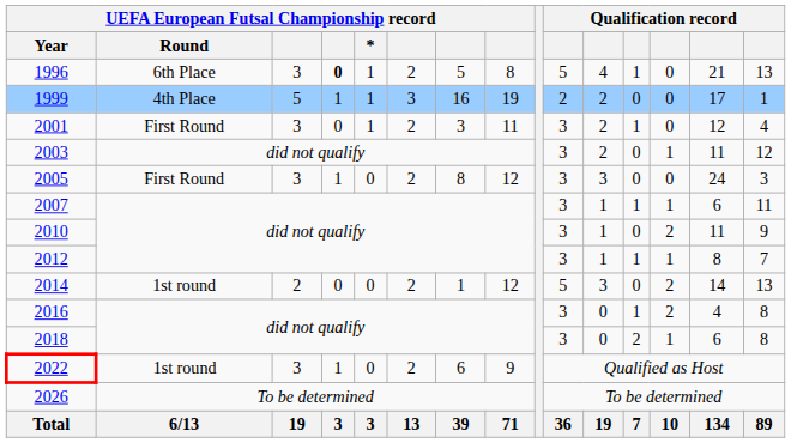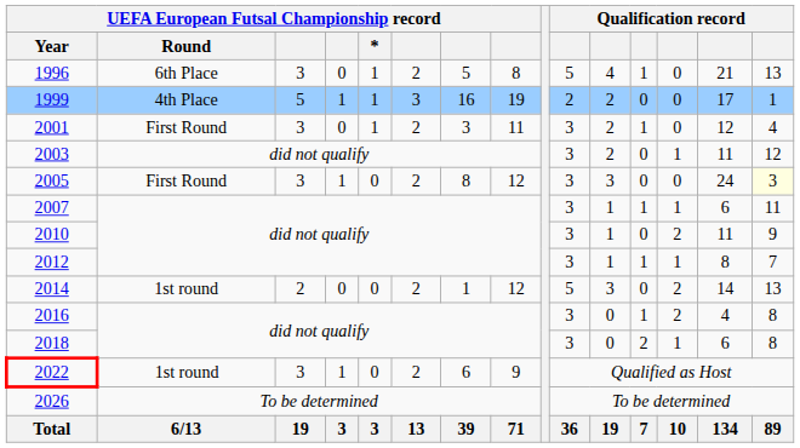 <table class="wikitable" style="text-align:center">
 <tr>
 <th colspan=8><a href='#'>UEFA European Futsal Championship</a> record</th>
 <th style="width:1%" rowspan="39"></th>
 <th colspan=6>Qualification record</th>
 </tr>
 <tr>
 <th>Year</th>
 <th>Round</th>
 <th></th>
 <th></th>
 <th>*</th>
 <th></th>
 <th></th>
 <th></th>
 <th></th>
 <th></th>
 <th></th>
 <th></th>
 <th></th>
 <th></th>
 </tr>
 <tr>
 <td> <a href='#'>1996</a></td>
 <td>6th Place</td>
 <td>3</td>
-<td><strong>0</strong></td>
+<td>0</td>
 <td>1</td>
 <td>2</td>
 <td>5</td>
 <td>8 </td>
 <td>5</td>
 <td>4</td>
 <td>1</td>
 <td>0</td>
 <td>21</td>
 <td>13</td>
 </tr>
 <tr style="background:#9acdff;">
 <td> <a href='#'>1999</a></td>
 <td>4th Place</td>
 <td>5</td>
 <td>1</td>
 <td>1</td>
 <td>3</td>
 <td>16</td>
 <td>19 </td>
 <td>2</td>
 <td>2</td>
 <td>0</td>
 <td>0</td>
 <td>17</td>
 <td>1</td>
 </tr>
 <tr>
 <td> <a href='#'>2001</a></td>
 <td>First Round</td>
 <td>3</td>
 <td>0</td>
 <td>1</td>
 <td>2</td>
 <td>3</td>
 <td>11 </td>
 <td>3</td>
 <td>2</td>
 <td>1</td>
 <td>0</td>
 <td>12</td>
 <td>4</td>
 </tr>
 <tr>
 <td> <a href='#'>2003</a></td>
 <td colspan=7><em>did not qualify</em></td>
 <td>3</td>
 <td>2</td>
 <td>0</td>
 <td>1</td>
 <td>11</td>
 <td>12</td>
 </tr>
 <tr>
 <td> <a href='#'>2005</a></td>
 <td>First Round</td>
 <td>3</td>
 <td>1</td>
 <td>0</td>
 <td>2</td>
 <td>8</td>
 <td>12 </td>
 <td>3</td>
 <td>3</td>
 <td>0</td>
 <td>0</td>
 <td>24</td>
-<td>3</td>
+<td style="background: lightyellow;">3</td>
 </tr>
 <tr>
 <td> <a href='#'>2007</a></td>
 <td colspan=7 rowspan=3><em>did not qualify</em></td>
 <td>3</td>
 <td>1</td>
 <td>1</td>
 <td>1</td>
 <td>6</td>
 <td>11</td>
 </tr>
 <tr>
 <td> <a href='#'>2010</a></td>
 <td>3</td>
 <td>1</td>
 <td>0</td>
 <td>2</td>
 <td>11</td>
 <td>9</td>
 </tr>
 <tr>
 <td> <a href='#'>2012</a></td>
 <td>3</td>
 <td>1</td>
 <td>1</td>
 <td>1</td>
 <td>8</td>
 <td>7</td>
 </tr>
 <tr>
 <td> <a href='#'>2014</a></td>
 <td>1st round</td>
 <td>2</td>
 <td>0</td>
 <td>0</td>
 <td>2</td>
 <td>1</td>
 <td>12</td>
 <td>5</td>
 <td>3</td>
 <td>0</td>
 <td>2</td>
 <td>14</td>
 <td>13</td>
 </tr>
 <tr>
 <td> <a href='#'>2016</a></td>
 <td colspan=7 rowspan=2><em>did not qualify</em></td>
 <td>3</td>
 <td>0</td>
 <td>1</td>
 <td>2</td>
 <td>4</td>
 <td>8</td>
 </tr>
 <tr>
 <td> <a href='#'>2018</a></td>
 <td>3</td>
 <td>0</td>
 <td>2</td>
 <td>1</td>
 <td>6</td>
 <td>8</td>
 </tr>
 <tr>
 <td style="border: 3px solid red"> <a href='#'>2022</a></td>
 <td>1st round</td>
 <td>3</td>
 <td>1</td>
 <td>0</td>
 <td>2</td>
 <td>6</td>
 <td>9</td>
 <td colspan=6><em>Qualified as Host</em></td>
 </tr>
 <tr>
 <td> <a href='#'>2026</a></td>
 <td colspan=7><em>To be determined</em></td>
 <td colspan=6><em>To be determined</em></td>
 </tr>
 <tr>
 <th>Total</th>
 <th>6/13</th>
 <th>19</th>
 <th>3</th>
 <th>3</th>
 <th>13</th>
 <th>39</th>
 <th>71</th>
 <th>36</th>
 <th>19</th>
 <th>7</th>
 <th>10</th>
 <th>134</th>
 <th>89</th>
 </tr>
 </table>
